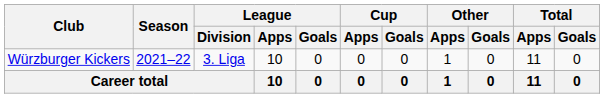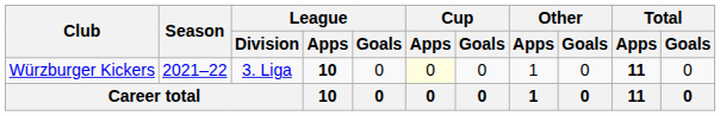 <table class="wikitable" style="text-align:center">
 <tr>
 <th rowspan="2">Club</th>
 <th rowspan="2">Season</th>
 <th colspan="3">League</th>
 <th colspan="2">Cup</th>
 <th colspan="2">Other</th>
 <th colspan="2">Total</th>
 </tr>
 <tr>
 <th>Division</th>
 <th>Apps</th>
 <th>Goals</th>
 <th>Apps</th>
 <th>Goals</th>
 <th>Apps</th>
 <th>Goals</th>
 <th>Apps</th>
 <th>Goals</th>
 </tr>
 <tr>
 <td><a href='#'>Würzburger Kickers</a></td>
 <td><a href='#'>2021–22</a></td>
 <td><a href='#'>3. Liga</a></td>
-<td>10</td>
+<td><strong>10</strong></td>
 <td>0</td>
-<td>0</td>
+<td style="background: lightyellow;">0</td>
 <td>0</td>
 <td>1</td>
 <td>0</td>
-<td>11</td>
+<td><strong>11</strong></td>
 <td>0</td>
 </tr>
 <tr>
 <th colspan="3">Career total</th>
 <th>10</th>
 <th>0</th>
 <th>0</th>
 <th>0</th>
 <th>1</th>
 <th>0</th>
 <th>11</th>
 <th>0</th>
 </tr>
 </table>
